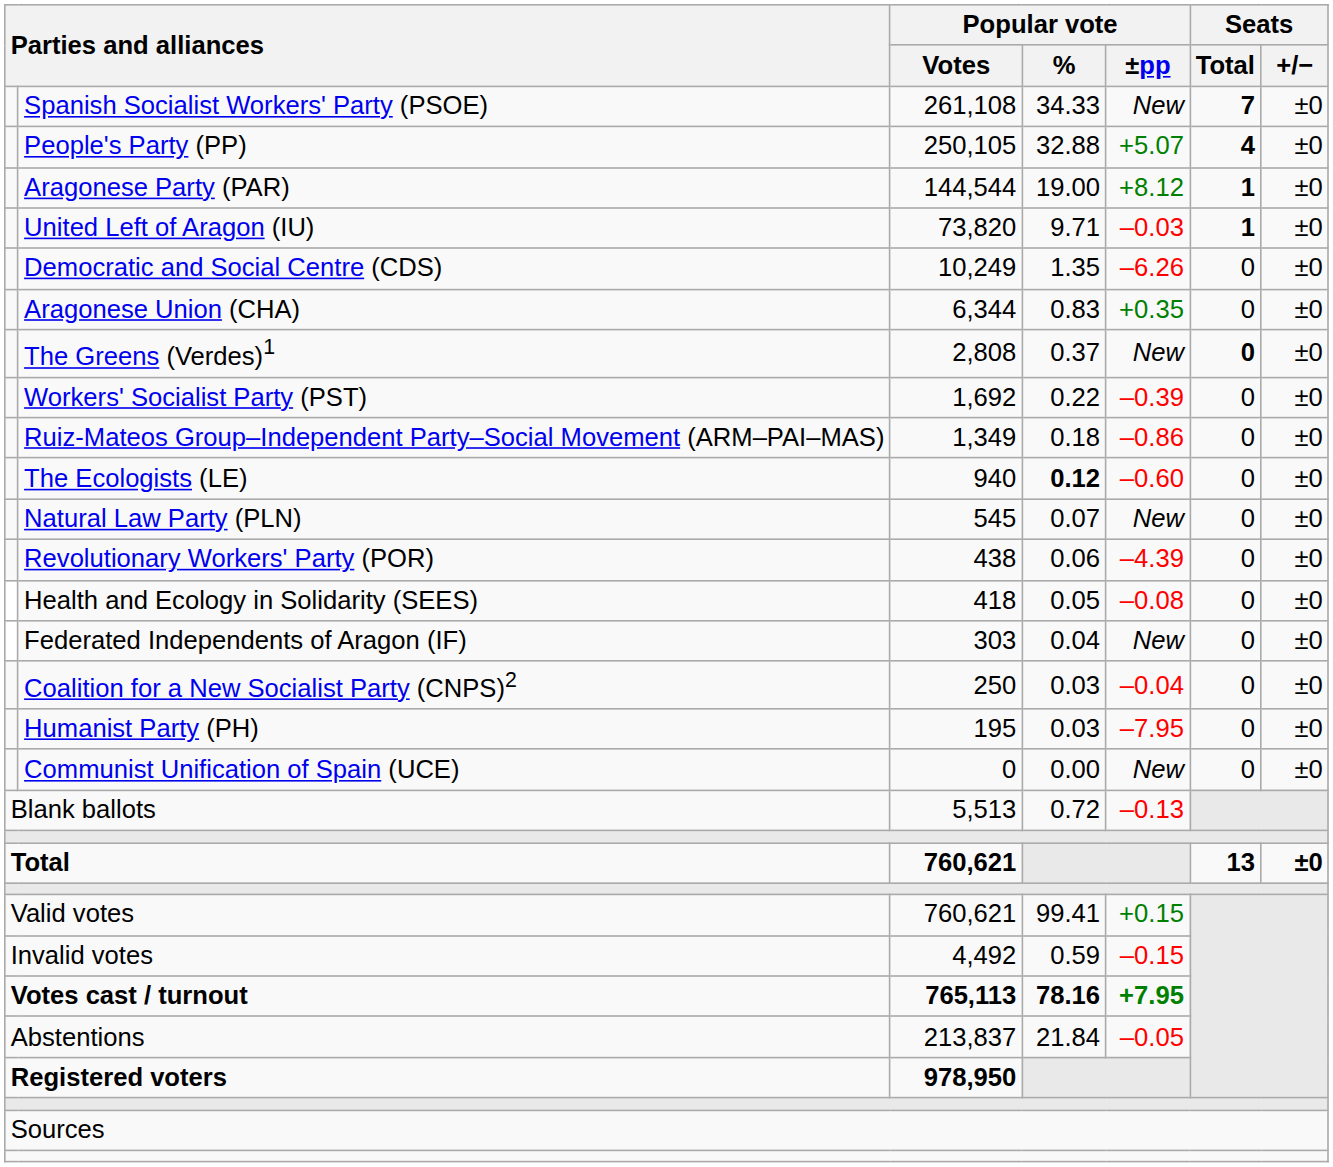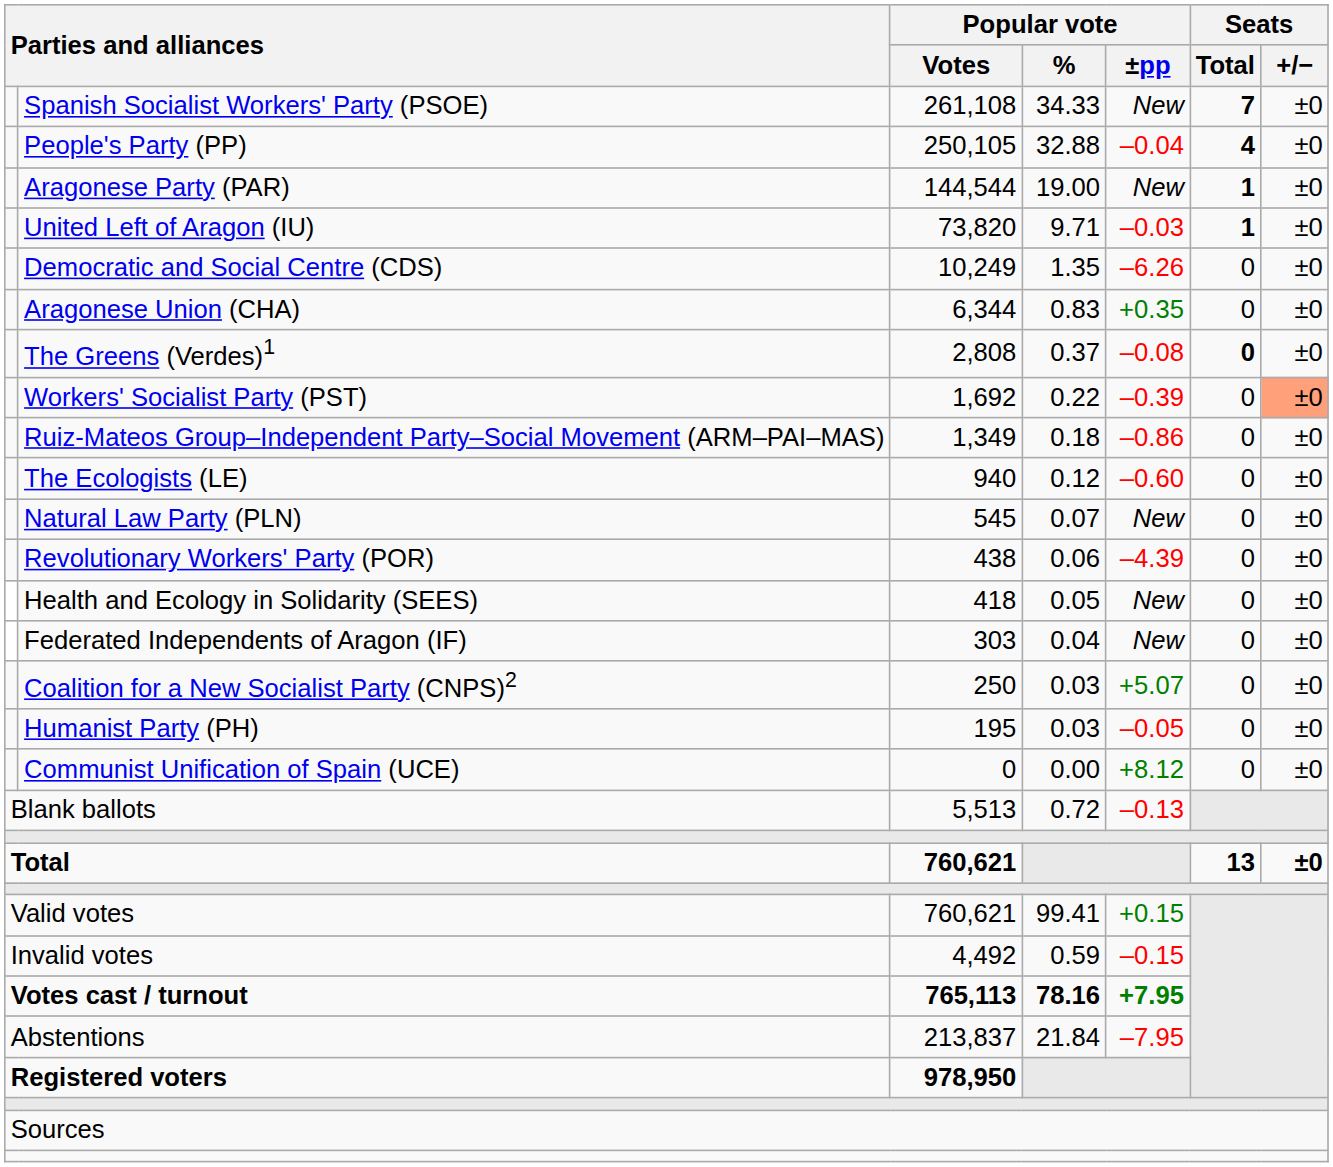 <table class="wikitable" style="text-align:right;">
 <tr>
 <th style="text-align:left;" rowspan="2" colspan="2" width="525">Parties and alliances</th>
 <th colspan="3">Popular vote</th>
 <th colspan="2">Seats</th>
 </tr>
 <tr>
 <th width="75">Votes</th>
 <th width="45">%</th>
 <th width="45">±<a href='#'>pp</a></th>
 <th width="35">Total</th>
 <th width="35">+/−</th>
 </tr>
 <tr>
 <td width="1" style="color:inherit;background:"></td>
 <td align="left"><a href='#'>Spanish Socialist Workers' Party</a> (PSOE)</td>
 <td>261,108</td>
 <td>34.33</td>
 <td><em>New</em></td>
 <td><strong>7</strong></td>
 <td>±0</td>
 </tr>
 <tr>
 <td style="color:inherit;background:"></td>
 <td align="left"><a href='#'>People's Party</a> (PP)</td>
 <td>250,105</td>
 <td>32.88</td>
-<td style="color:green;">+5.07</td>
+<td style="color:red;">–0.04</td>
 <td><strong>4</strong></td>
 <td>±0</td>
 </tr>
 <tr>
 <td style="color:inherit;background:"></td>
 <td align="left"><a href='#'>Aragonese Party</a> (PAR)</td>
 <td>144,544</td>
 <td>19.00</td>
-<td style="color:green;">+8.12</td>
+<td><em>New</em></td>
 <td><strong>1</strong></td>
 <td>±0</td>
 </tr>
 <tr>
 <td style="color:inherit;background:"></td>
 <td align="left"><a href='#'>United Left of Aragon</a> (IU)</td>
 <td>73,820</td>
 <td>9.71</td>
 <td style="color:red;">–0.03</td>
 <td><strong>1</strong></td>
 <td>±0</td>
 </tr>
 <tr>
 <td style="color:inherit;background:"></td>
 <td align="left"><a href='#'>Democratic and Social Centre</a> (CDS)</td>
 <td>10,249</td>
 <td>1.35</td>
 <td style="color:red;">–6.26</td>
 <td>0</td>
 <td>±0</td>
 </tr>
 <tr>
 <td style="color:inherit;background:"></td>
 <td align="left"><a href='#'>Aragonese Union</a> (CHA)</td>
 <td>6,344</td>
 <td>0.83</td>
 <td style="color:green;">+0.35</td>
 <td>0</td>
 <td>±0</td>
 </tr>
 <tr>
 <td style="color:inherit;background:"></td>
 <td align="left"><a href='#'>The Greens</a> (Verdes)<sup>1</sup></td>
 <td>2,808</td>
 <td>0.37</td>
-<td><em>New</em></td>
+<td style="color:red;">–0.08</td>
 <td><strong>0</strong></td>
 <td>±0</td>
 </tr>
 <tr>
 <td style="color:inherit;background:"></td>
 <td align="left"><a href='#'>Workers' Socialist Party</a> (PST)</td>
 <td>1,692</td>
 <td>0.22</td>
 <td style="color:red;">–0.39</td>
 <td>0</td>
-<td>±0</td>
+<td style="background: lightsalmon;">±0</td>
 </tr>
 <tr>
 <td style="color:inherit;background:"></td>
 <td align="left"><a href='#'>Ruiz-Mateos Group–Independent Party–Social Movement</a> (ARM–PAI–MAS)</td>
 <td>1,349</td>
 <td>0.18</td>
 <td style="color:red;">–0.86</td>
 <td>0</td>
 <td>±0</td>
 </tr>
 <tr>
 <td style="color:inherit;background:"></td>
 <td align="left"><a href='#'>The Ecologists</a> (LE)</td>
 <td>940</td>
-<td><strong>0.12</strong></td>
+<td>0.12</td>
 <td style="color:red;">–0.60</td>
 <td>0</td>
 <td>±0</td>
 </tr>
 <tr>
 <td style="color:inherit;background:"></td>
 <td align="left"><a href='#'>Natural Law Party</a> (PLN)</td>
 <td>545</td>
 <td>0.07</td>
 <td><em>New</em></td>
 <td>0</td>
 <td>±0</td>
 </tr>
 <tr>
 <td style="color:inherit;background:"></td>
 <td align="left"><a href='#'>Revolutionary Workers' Party</a> (POR)</td>
 <td>438</td>
 <td>0.06</td>
 <td style="color:red;">–4.39</td>
 <td>0</td>
 <td>±0</td>
 </tr>
 <tr>
 <td bgcolor="white"></td>
 <td align="left">Health and Ecology in Solidarity (SEES)</td>
 <td>418</td>
 <td>0.05</td>
-<td style="color:red;">–0.08</td>
+<td><em>New</em></td>
 <td>0</td>
 <td>±0</td>
 </tr>
 <tr>
 <td bgcolor="white"></td>
 <td align="left">Federated Independents of Aragon (IF)</td>
 <td>303</td>
 <td>0.04</td>
 <td><em>New</em></td>
 <td>0</td>
 <td>±0</td>
 </tr>
 <tr>
 <td style="color:inherit;background:"></td>
 <td align="left"><a href='#'>Coalition for a New Socialist Party</a> (CNPS)<sup>2</sup></td>
 <td>250</td>
 <td>0.03</td>
-<td style="color:red;">–0.04</td>
+<td style="color:green;">+5.07</td>
 <td>0</td>
 <td>±0</td>
 </tr>
 <tr>
 <td style="color:inherit;background:"></td>
 <td align="left"><a href='#'>Humanist Party</a> (PH)</td>
 <td>195</td>
 <td>0.03</td>
-<td style="color:red;">–7.95</td>
+<td style="color:red;">–0.05</td>
 <td>0</td>
 <td>±0</td>
 </tr>
 <tr>
 <td style="color:inherit;background:"></td>
 <td align="left"><a href='#'>Communist Unification of Spain</a> (UCE)</td>
 <td>0</td>
 <td>0.00</td>
-<td><em>New</em></td>
+<td style="color:green;">+8.12</td>
 <td>0</td>
 <td>±0</td>
 </tr>
 <tr>
 <td align="left" colspan="2">Blank ballots</td>
 <td>5,513</td>
 <td>0.72</td>
 <td style="color:red;">–0.13</td>
 <td bgcolor="#E9E9E9" colspan="2"></td>
 </tr>
 <tr>
 <td colspan="7" bgcolor="#E9E9E9"></td>
 </tr>
 <tr style="font-weight:bold;">
 <td align="left" colspan="2">Total</td>
 <td>760,621</td>
 <td bgcolor="#E9E9E9" colspan="2"></td>
 <td>13</td>
 <td>±0</td>
 </tr>
 <tr>
 <td colspan="7" bgcolor="#E9E9E9"></td>
 </tr>
 <tr>
 <td align="left" colspan="2">Valid votes</td>
 <td>760,621</td>
 <td>99.41</td>
 <td style="color:green;">+0.15</td>
 <td bgcolor="#E9E9E9" colspan="2" rowspan="5"></td>
 </tr>
 <tr>
 <td align="left" colspan="2">Invalid votes</td>
 <td>4,492</td>
 <td>0.59</td>
 <td style="color:red;">–0.15</td>
 </tr>
 <tr style="font-weight:bold;">
 <td align="left" colspan="2">Votes cast / turnout</td>
 <td>765,113</td>
 <td>78.16</td>
 <td style="color:green;">+7.95</td>
 </tr>
 <tr>
 <td align="left" colspan="2">Abstentions</td>
 <td>213,837</td>
 <td>21.84</td>
-<td style="color:red;">–0.05</td>
+<td style="color:red;">–7.95</td>
 </tr>
 <tr style="font-weight:bold;">
 <td align="left" colspan="2">Registered voters</td>
 <td>978,950</td>
 <td bgcolor="#E9E9E9" colspan="2"></td>
 </tr>
 <tr>
 <td colspan="7" bgcolor="#E9E9E9"></td>
 </tr>
 <tr>
 <td align="left" colspan="7">Sources</td>
 </tr>
 <tr>
 <td colspan="7" style="text-align:left; max-width:790px;"></td>
 </tr>
 </table>
